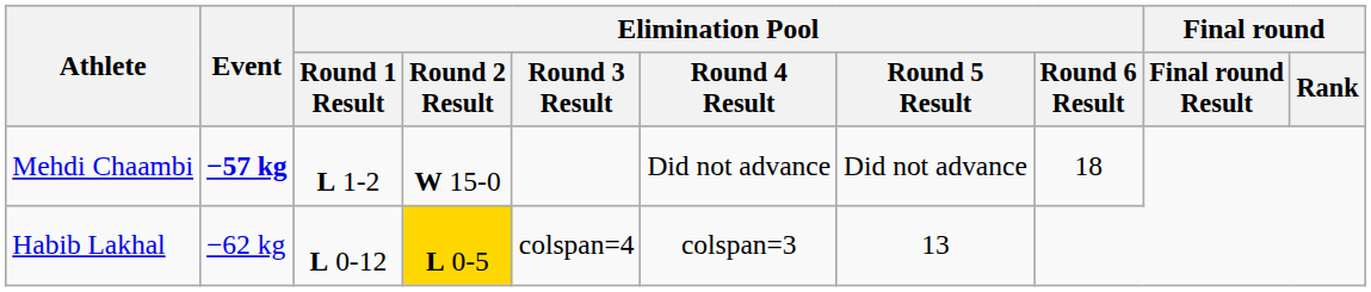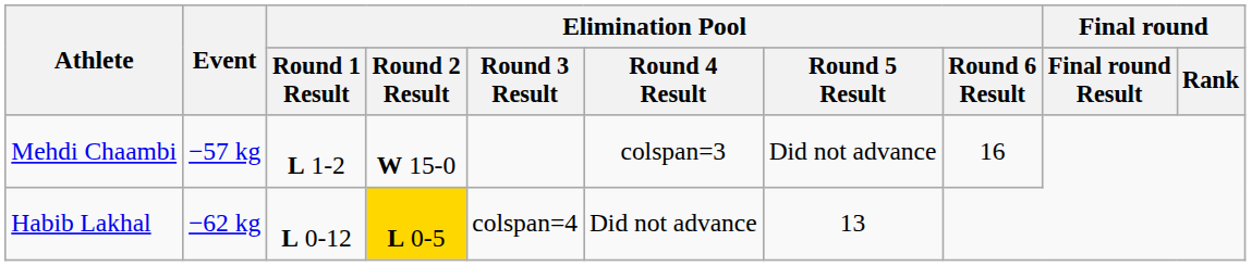 <table class="wikitable" style="font-size:90%">
 <tr>
 <th rowspan="2">Athlete</th>
 <th rowspan="2">Event</th>
 <th colspan=6>Elimination Pool</th>
 <th colspan=2>Final round</th>
 </tr>
 <tr style="font-size: 95%">
 <th>Round 1<br>Result</th>
 <th>Round 2<br>Result</th>
 <th>Round 3<br>Result</th>
 <th>Round 4<br>Result</th>
 <th>Round 5<br>Result</th>
 <th>Round 6<br>Result</th>
 <th>Final round<br>Result</th>
 <th>Rank</th>
 </tr>
 <tr align=center>
 <td align=left><a href='#'>Mehdi Chaambi</a></td>
-<td align=left><strong><a href='#'>−57 kg</a></strong></td>
+<td align=left><a href='#'>−57 kg</a></td>
 <td><br><strong>L</strong> 1-2</td>
 <td><br><strong>W</strong> 15-0</td>
 <td></td>
+<td>colspan=3 </td>
 <td>Did not advance</td>
-<td>Did not advance</td>
-<td>18</td>
+<td>16</td>
 </tr>
 <tr align=center>
 <td align=left><a href='#'>Habib Lakhal</a></td>
 <td align=left><a href='#'>−62 kg</a></td>
 <td><br><strong>L</strong> 0-12</td>
 <td style="background: gold;"><br><strong>L</strong> 0-5</td>
 <td>colspan=4 </td>
-<td>colspan=3 </td>
+<td>Did not advance</td>
 <td>13</td>
 </tr>
 </table>
